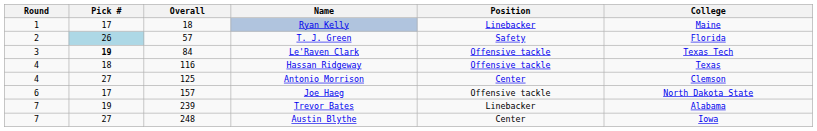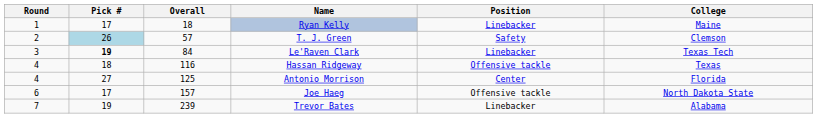 <table class="wikitable sortable sortable" style="width: 100%; text-align:center">
 <tr>
 <th>Round</th>
 <th>Pick #</th>
 <th>Overall</th>
 <th>Name</th>
 <th>Position</th>
 <th>College</th>
 </tr>
 <tr>
 <td>1</td>
 <td>17</td>
 <td>18</td>
 <td style="background-color:lightsteelblue"><a href='#'>Ryan Kelly</a></td>
 <td><a href='#'>Linebacker</a></td>
 <td><a href='#'>Maine</a></td>
 </tr>
 <tr>
 <td>2</td>
 <td style="background: lightblue;">26</td>
 <td>57</td>
 <td><a href='#'>T. J. Green</a></td>
 <td><a href='#'>Safety</a></td>
-<td><a href='#'>Florida</a></td>
+<td><a href='#'>Clemson</a></td>
 </tr>
 <tr>
 <td>3</td>
 <td><strong>19</strong></td>
 <td>84</td>
 <td><a href='#'>Le'Raven Clark</a></td>
-<td><a href='#'>Offensive tackle</a></td>
+<td><a href='#'>Linebacker</a></td>
 <td><a href='#'>Texas Tech</a></td>
 </tr>
 <tr>
 <td>4</td>
 <td>18</td>
 <td>116</td>
 <td><a href='#'>Hassan Ridgeway</a></td>
 <td><a href='#'>Offensive tackle</a></td>
 <td><a href='#'>Texas</a></td>
 </tr>
 <tr>
 <td>4</td>
 <td>27</td>
 <td>125</td>
 <td><a href='#'>Antonio Morrison</a></td>
 <td><a href='#'>Center</a></td>
-<td><a href='#'>Clemson</a></td>
+<td><a href='#'>Florida</a></td>
 </tr>
 <tr>
 <td>6</td>
 <td>17</td>
 <td>157</td>
 <td><a href='#'>Joe Haeg</a></td>
 <td>Offensive tackle</td>
 <td><a href='#'>North Dakota State</a></td>
 </tr>
 <tr>
 <td>7</td>
 <td>19</td>
 <td>239</td>
 <td><a href='#'>Trevor Bates</a></td>
 <td>Linebacker</td>
 <td><a href='#'>Alabama</a></td>
 </tr>
-<tr>
-<td>7</td>
-<td>27</td>
-<td>248</td>
-<td><a href='#'>Austin Blythe</a></td>
-<td>Center</td>
-<td><a href='#'>Iowa</a></td>
-</tr>
 </table>
